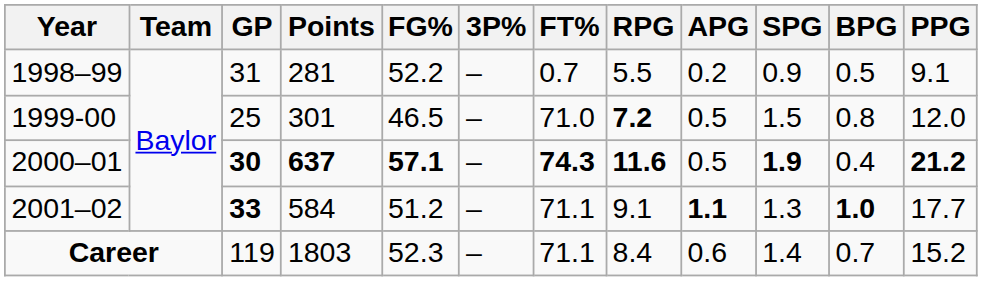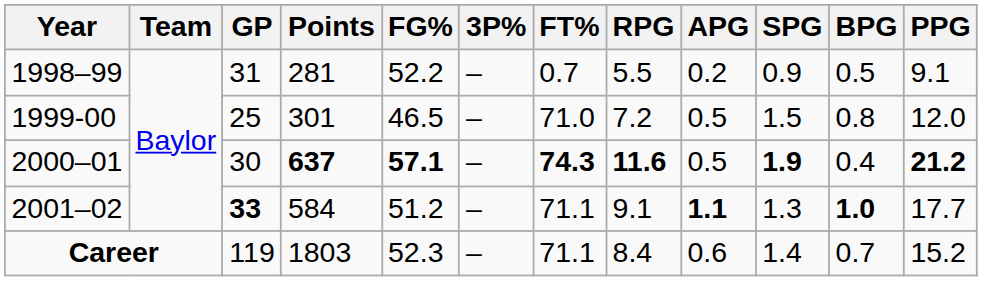 <table class="wikitable sortable">
 <tr>
 <th>Year</th>
 <th>Team</th>
 <th>GP</th>
 <th>Points</th>
 <th>FG%</th>
 <th>3P%</th>
 <th>FT%</th>
 <th>RPG</th>
 <th>APG</th>
 <th>SPG</th>
 <th>BPG</th>
 <th>PPG</th>
 </tr>
 <tr>
 <td>1998–99</td>
 <td rowspan=4><a href='#'>Baylor</a></td>
 <td>31</td>
 <td>281</td>
 <td>52.2</td>
 <td>–</td>
 <td>0.7</td>
 <td>5.5</td>
 <td>0.2</td>
 <td>0.9</td>
 <td>0.5</td>
 <td>9.1</td>
 </tr>
 <tr>
 <td>1999-00</td>
 <td>25</td>
 <td>301</td>
 <td>46.5</td>
 <td>–</td>
 <td>71.0</td>
-<td><strong>7.2</strong></td>
+<td>7.2</td>
 <td>0.5</td>
 <td>1.5</td>
 <td>0.8</td>
 <td>12.0</td>
 </tr>
 <tr>
 <td>2000–01</td>
-<td><strong>30</strong></td>
+<td>30</td>
 <td><strong>637</strong></td>
 <td><strong>57.1</strong></td>
 <td>–</td>
 <td><strong>74.3</strong></td>
 <td><strong>11.6</strong></td>
 <td>0.5</td>
 <td><strong>1.9</strong></td>
 <td>0.4</td>
 <td><strong>21.2</strong></td>
 </tr>
 <tr>
 <td>2001–02</td>
 <td><strong>33</strong></td>
 <td>584</td>
 <td>51.2</td>
 <td>–</td>
 <td>71.1</td>
 <td>9.1</td>
 <td><strong>1.1</strong></td>
 <td>1.3</td>
 <td><strong>1.0</strong></td>
 <td>17.7</td>
 </tr>
 <tr class="sortbottom">
 <td colspan=2 align=center><strong>Career</strong></td>
 <td>119</td>
 <td>1803</td>
 <td>52.3</td>
 <td>–</td>
 <td>71.1</td>
 <td>8.4</td>
 <td>0.6</td>
 <td>1.4</td>
 <td>0.7</td>
 <td>15.2</td>
 </tr>
 </table>
